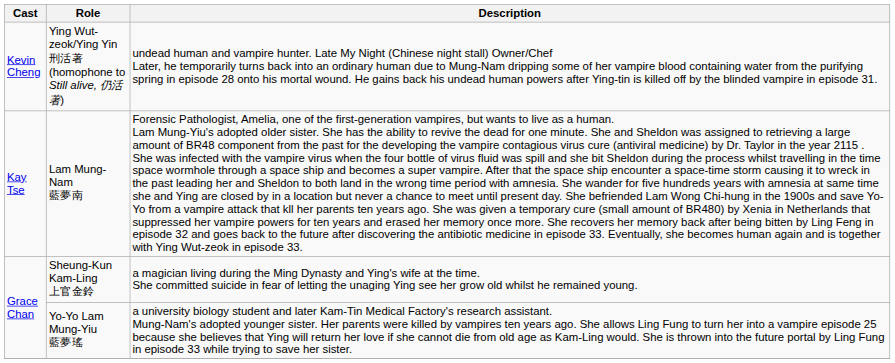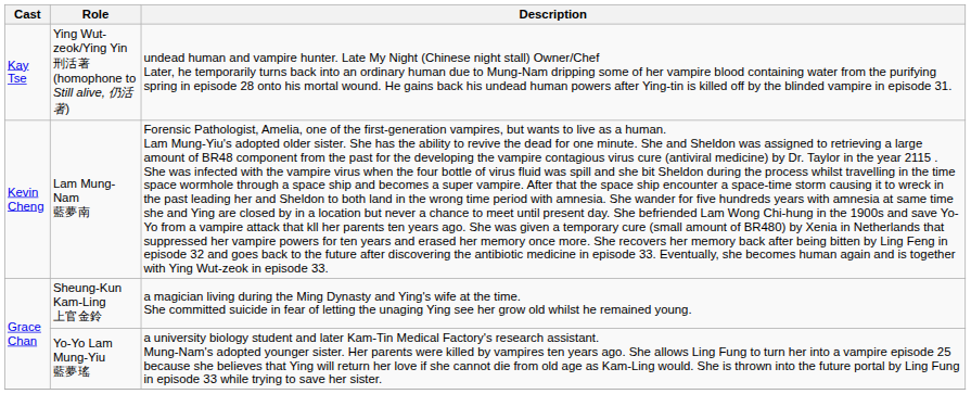 <table class="wikitable">
 <tr>
 <th>Cast</th>
 <th>Role</th>
 <th>Description</th>
 </tr>
 <tr>
-<td><a href='#'>Kevin Cheng</a></td>
+<td><a href='#'>Kay Tse</a></td>
 <td>Ying Wut-zeok/Ying Yin <br> 刑活著 (homophone to <em>Still alive, 仍活著</em>)</td>
 <td>undead human and vampire hunter. Late My Night (Chinese night stall) Owner/Chef<br>Later, he temporarily turns back into an ordinary human due to Mung-Nam dripping some of her vampire blood containing water from the purifying spring in episode 28 onto his mortal wound. He gains back his undead human powers after Ying-tin is killed off by the blinded vampire in episode 31.</td>
 </tr>
 <tr>
-<td><a href='#'>Kay Tse</a></td>
+<td><a href='#'>Kevin Cheng</a></td>
 <td>Lam Mung-Nam <br> 藍夢南</td>
 <td>Forensic Pathologist, Amelia, one of the first-generation vampires, but wants to live as a human.<br>Lam Mung-Yiu's adopted older sister.  She has the ability to revive the dead for one minute.  She and Sheldon was assigned to retrieving a large amount of BR48 component from the past for the developing the vampire contagious virus cure (antiviral medicine) by Dr. Taylor in the year 2115 . She was infected with the vampire virus when the four bottle of virus fluid was spill and she bit Sheldon during the process whilst travelling in the time space wormhole through a space ship and becomes a super vampire. After that the space ship encounter a space-time storm causing it to wreck in the past leading her and Sheldon to both land in the wrong time period with amnesia. She wander for five hundreds years with amnesia at same time she and Ying are closed by in a location but never a chance to meet until present day. She befriended Lam Wong Chi-hung in the 1900s and save Yo-Yo from a vampire attack that kll her parents ten years ago. She was given a temporary cure (small amount of BR480) by Xenia in Netherlands  that suppressed her vampire powers for ten years and erased her memory once more. She recovers her memory back after being bitten by Ling Feng in episode 32 and goes back to the future after discovering the antibiotic medicine in episode 33. Eventually, she becomes human again and is together with Ying Wut-zeok in episode 33.</td>
 </tr>
 <tr>
 <td rowspan="2"><a href='#'>Grace Chan</a></td>
 <td>Sheung-Kun Kam-Ling <br> 上官金鈴</td>
 <td>a magician living during the Ming Dynasty and Ying's wife at the time.<br>She committed suicide in fear of letting the unaging Ying see her grow old whilst he remained young.</td>
 </tr>
 <tr>
 <td>Yo-Yo Lam Mung-Yiu <br> 藍夢瑤</td>
 <td>a university biology student and later Kam-Tin Medical Factory's research assistant.<br>Mung-Nam's adopted  younger sister. Her parents were killed by vampires ten years ago.  She allows Ling Fung to turn her into a vampire episode 25 because she believes that Ying will return her love if she cannot die from old age as Kam-Ling would.  She is thrown into the future portal by Ling Fung in episode 33 while trying to save her sister.</td>
 </tr>
 <tr>
 </tr>
 </table>
